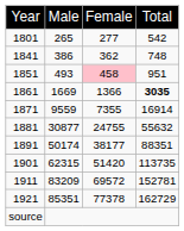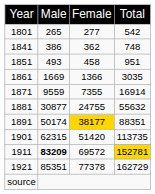 <table align=right class="wikitable" style="font-size: 90%; margin-left: 20px;">
 <tr align="center" bgcolor="black" style="color: white; font-size: 125%;">
 <td>Year</td>
 <td>Male</td>
 <td>Female</td>
 <td>Total</td>
 </tr>
 <tr>
 <td align=center>1801</td>
 <td align=center>265</td>
 <td align=center>277</td>
 <td align=center>542</td>
 </tr>
 <tr>
 <td align=center>1841</td>
 <td align=center>386</td>
 <td align=center>362</td>
 <td align=center>748</td>
 </tr>
 <tr>
 <td align=center>1851</td>
 <td align=center>493</td>
-<td align=center style="background: pink;">458</td>
+<td align=center>458</td>
 <td align=center>951</td>
 </tr>
 <tr>
 <td align=center>1861</td>
 <td align=center>1669</td>
 <td align=center>1366</td>
-<td align=center><strong>3035</strong></td>
+<td align=center>3035</td>
 </tr>
 <tr>
 <td align=center>1871</td>
 <td align=center>9559</td>
 <td align=center>7355</td>
 <td align=center>16914</td>
 </tr>
 <tr>
 <td align=center>1881</td>
 <td align=center>30877</td>
 <td align=center>24755</td>
 <td align=center>55632</td>
 </tr>
 <tr>
 <td align=center>1891</td>
 <td align=center>50174</td>
-<td align=center>38177</td>
+<td align=center style="background: gold;">38177</td>
 <td align=center>88351</td>
 </tr>
 <tr>
 <td align=center>1901</td>
 <td align=center>62315</td>
 <td align=center>51420</td>
 <td align=center>113735</td>
 </tr>
 <tr>
 <td align=center>1911</td>
-<td align=center>83209</td>
+<td align=center><strong>83209</strong></td>
 <td align=center>69572</td>
-<td align=center>152781</td>
+<td align=center style="background: gold;">152781</td>
 </tr>
 <tr>
 <td align=center>1921</td>
 <td align=center>85351</td>
 <td align=center>77378</td>
 <td align=center>162729</td>
 </tr>
 <tr>
 <td>source</td>
 </tr>
 </table>
